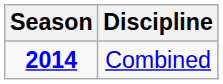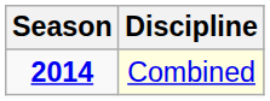 <table class="wikitable" style="text-align:center;">
 <tr>
 <th>Season</th>
 <th>Discipline</th>
 </tr>
 <tr>
 <td rowspan=2><strong><a href='#'>2014</a></strong></td>
-<td><a href='#'>Combined</a> </td>
+<td style="background: lightyellow;"><a href='#'>Combined</a> </td>
 </tr>
 </table>
